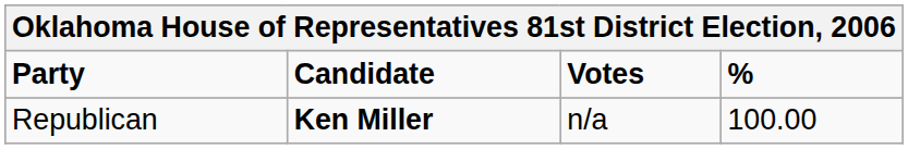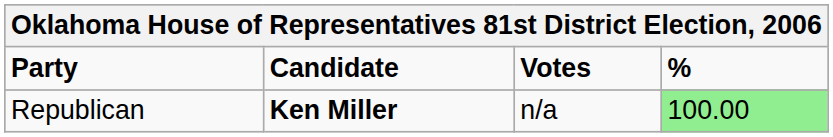 <table class="wikitable">
 <tr>
 <th colspan="4">Oklahoma House of Representatives 81st District Election, 2006</th>
 </tr>
 <tr>
 <td><strong>Party</strong></td>
 <td><strong>Candidate</strong></td>
 <td><strong>Votes</strong></td>
 <td><strong>%</strong></td>
 </tr>
 <tr>
 <td>Republican</td>
 <td><strong>Ken Miller</strong></td>
 <td>n/a</td>
-<td>100.00</td>
+<td style="background: lightgreen;">100.00</td>
 </tr>
 </table>
